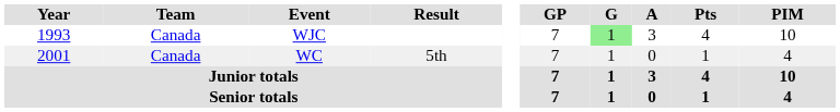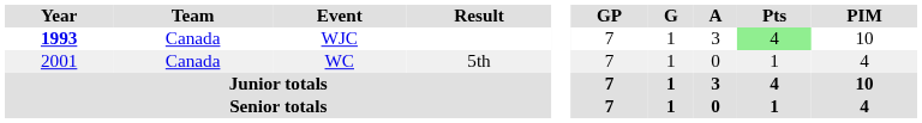 <table border="0" cellpadding="1" cellspacing="0" style="text-align:center; width:50em">
 <tr ALIGN="center" bgcolor="#e0e0e0">
 <th>Year</th>
 <th>Team</th>
 <th>Event</th>
 <th>Result</th>
 <th rowspan="99" bgcolor="#ffffff"> </th>
 <th>GP</th>
 <th>G</th>
 <th>A</th>
 <th>Pts</th>
 <th>PIM</th>
 </tr>
 <tr>
-<td><a href='#'>1993</a></td>
+<td><strong><a href='#'>1993</a></strong></td>
 <td><a href='#'>Canada</a></td>
 <td><a href='#'>WJC</a></td>
 <td></td>
 <td>7</td>
-<td style="background: lightgreen;">1</td>
+<td>1</td>
 <td>3</td>
-<td>4</td>
+<td style="background: lightgreen;">4</td>
 <td>10</td>
 </tr>
 <tr bgcolor="#f0f0f0">
 <td><a href='#'>2001</a></td>
 <td><a href='#'>Canada</a></td>
 <td><a href='#'>WC</a></td>
 <td>5th</td>
 <td>7</td>
 <td>1</td>
 <td>0</td>
 <td>1</td>
 <td>4</td>
 </tr>
 <tr bgcolor="#e0e0e0">
 <th colspan=4>Junior totals</th>
 <th>7</th>
 <th>1</th>
 <th>3</th>
 <th>4</th>
 <th>10</th>
 </tr>
 <tr bgcolor="#e0e0e0">
 <th colspan=4>Senior totals</th>
 <th>7</th>
 <th>1</th>
 <th>0</th>
 <th>1</th>
 <th>4</th>
 </tr>
 </table>
